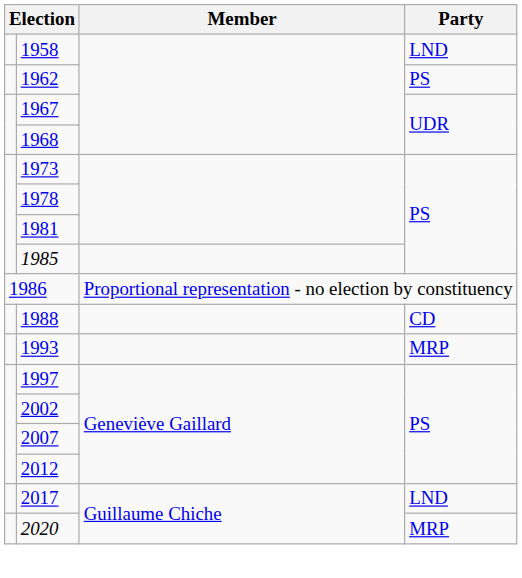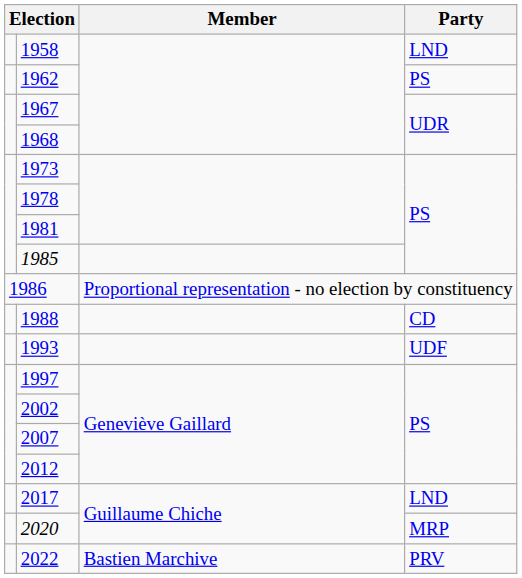 <table class="wikitable">
 <tr>
 <th colspan="2">Election</th>
 <th>Member</th>
 <th>Party</th>
 </tr>
 <tr>
 <td style="background-color: "></td>
 <td><a href='#'>1958</a></td>
 <td rowspan="4"></td>
 <td><a href='#'>LND</a></td>
 </tr>
 <tr>
 <td style="background-color: "></td>
 <td><a href='#'>1962</a></td>
 <td><a href='#'>PS</a></td>
 </tr>
 <tr>
 <td rowspan="2" style="background-color: "></td>
 <td><a href='#'>1967</a></td>
 <td rowspan="2"><a href='#'>UDR</a></td>
 </tr>
 <tr>
 <td><a href='#'>1968</a></td>
 </tr>
 <tr>
 <td rowspan="4" style="background-color: "></td>
 <td><a href='#'>1973</a></td>
 <td rowspan="3"></td>
 <td rowspan="4"><a href='#'>PS</a></td>
 </tr>
 <tr>
 <td><a href='#'>1978</a></td>
 </tr>
 <tr>
 <td><a href='#'>1981</a></td>
 </tr>
 <tr>
 <td><em>1985</em></td>
 <td></td>
 </tr>
 <tr>
 <td colspan="2"><a href='#'>1986</a></td>
 <td colspan="2"><a href='#'>Proportional representation</a> - no election by constituency</td>
 </tr>
 <tr>
 <td style="background-color: "></td>
 <td><a href='#'>1988</a></td>
 <td></td>
 <td><a href='#'>CD</a></td>
 </tr>
 <tr>
 <td style="background-color: "></td>
 <td><a href='#'>1993</a></td>
 <td></td>
-<td><a href='#'>MRP</a></td>
+<td><a href='#'>UDF</a></td>
 </tr>
 <tr>
 <td rowspan="4" style="background-color: "></td>
 <td><a href='#'>1997</a></td>
 <td rowspan="4"><a href='#'>Geneviève Gaillard</a></td>
 <td rowspan="4"><a href='#'>PS</a></td>
 </tr>
 <tr>
 <td><a href='#'>2002</a></td>
 </tr>
 <tr>
 <td><a href='#'>2007</a></td>
 </tr>
 <tr>
 <td><a href='#'>2012</a></td>
 </tr>
 <tr>
 <td style="background-color: "></td>
 <td><a href='#'>2017</a></td>
 <td rowspan="2"><a href='#'>Guillaume Chiche</a></td>
 <td><a href='#'>LND</a></td>
 </tr>
 <tr>
 <td style="background-color: "></td>
 <td><em>2020</em></td>
 <td><a href='#'>MRP</a></td>
 </tr>
+<tr>
+<td style="background-color: "></td>
+<td><a href='#'>2022</a></td>
+<td><a href='#'>Bastien Marchive</a></td>
+<td><a href='#'>PRV</a></td>
+</tr>
 </table>
